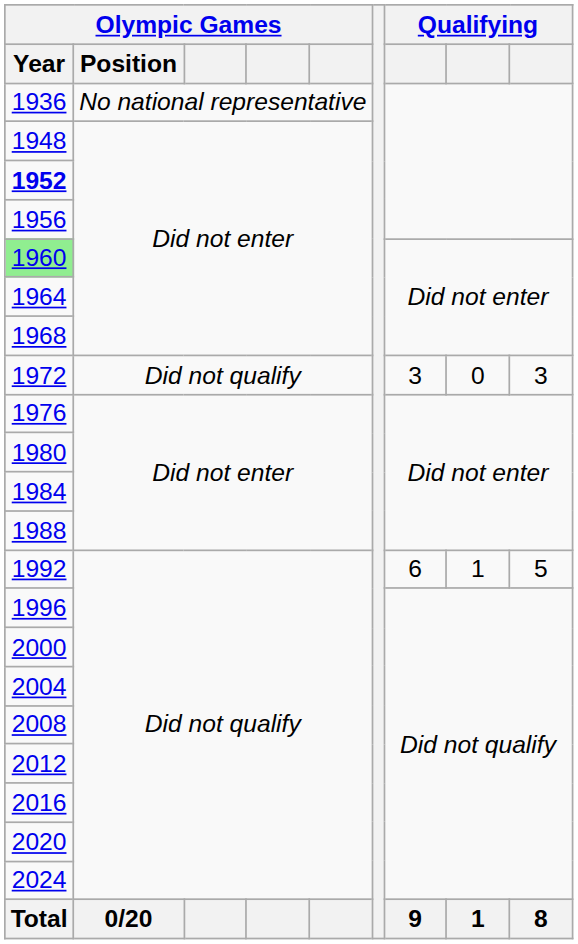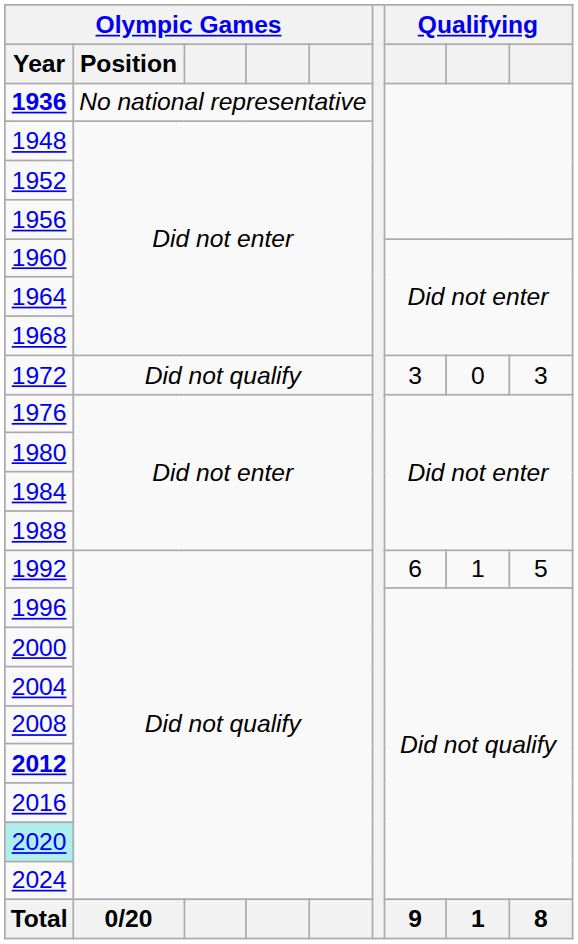 <table class="wikitable" style="text-align: center;font-size:90%;">
 <tr>
 <th colspan=5><a href='#'>Olympic Games</a></th>
 <th rowspan=24></th>
 <th colspan=3><a href='#'>Qualifying</a></th>
 </tr>
 <tr>
 <th>Year</th>
 <th>Position</th>
 <th width=30></th>
 <th width=30></th>
 <th width=30></th>
 <th width=30></th>
 <th width=30></th>
 <th width=30></th>
 </tr>
 <tr>
-<td> <a href='#'>1936</a></td>
+<td><strong> <a href='#'>1936</a></strong></td>
 <td colspan=4><em>No national representative</em></td>
 </tr>
 <tr>
 <td> <a href='#'>1948</a></td>
 <td colspan=4 rowspan=6><em>Did not enter</em></td>
 </tr>
 <tr>
-<td><strong> <a href='#'>1952</a></strong></td>
+<td> <a href='#'>1952</a></td>
 </tr>
 <tr>
 <td> <a href='#'>1956</a></td>
 </tr>
 <tr>
-<td style="background: lightgreen;"> <a href='#'>1960</a></td>
+<td> <a href='#'>1960</a></td>
 <td colspan=3 rowspan=3><em>Did not enter</em></td>
 </tr>
 <tr>
 <td> <a href='#'>1964</a></td>
 </tr>
 <tr>
 <td> <a href='#'>1968</a></td>
 </tr>
 <tr>
 <td> <a href='#'>1972</a></td>
 <td colspan=4><em>Did not qualify</em></td>
 <td>3</td>
 <td>0</td>
 <td>3</td>
 </tr>
 <tr>
 <td> <a href='#'>1976</a></td>
 <td colspan=4 rowspan=4><em>Did not enter</em></td>
 <td colspan=3 rowspan=4><em>Did not enter</em></td>
 </tr>
 <tr>
 <td> <a href='#'>1980</a></td>
 </tr>
 <tr>
 <td> <a href='#'>1984</a></td>
 </tr>
 <tr>
 <td> <a href='#'>1988</a></td>
 </tr>
 <tr>
 <td> <a href='#'>1992</a></td>
 <td colspan=4 rowspan=9><em>Did not qualify</em></td>
 <td>6</td>
 <td>1</td>
 <td>5</td>
 </tr>
 <tr>
 <td> <a href='#'>1996</a></td>
 <td colspan=3 rowspan=8><em>Did not qualify</em></td>
 </tr>
 <tr>
 <td> <a href='#'>2000</a></td>
 </tr>
 <tr>
 <td> <a href='#'>2004</a></td>
 </tr>
 <tr>
 <td> <a href='#'>2008</a></td>
 </tr>
 <tr>
-<td> <a href='#'>2012</a></td>
+<td><strong> <a href='#'>2012</a></strong></td>
 </tr>
 <tr>
 <td> <a href='#'>2016</a></td>
 </tr>
 <tr>
-<td> <a href='#'>2020</a></td>
+<td style="background: paleturquoise;"> <a href='#'>2020</a></td>
 </tr>
 <tr>
 <td> <a href='#'>2024</a></td>
 </tr>
 <tr>
 <th>Total</th>
 <th>0/20</th>
 <th></th>
 <th></th>
 <th></th>
 <th>9</th>
 <th>1</th>
 <th>8</th>
 </tr>
 </table>
